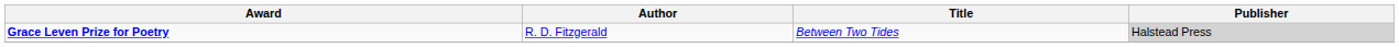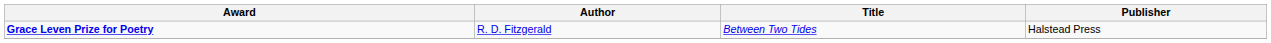 <table class="wikitable" width=95%>
 <tr>
 <th>Award</th>
 <th>Author</th>
 <th>Title</th>
 <th>Publisher</th>
 </tr>
 <tr>
 <td><strong><a href='#'>Grace Leven Prize for Poetry</a></strong></td>
 <td><a href='#'>R. D. Fitzgerald</a></td>
 <td><em><a href='#'>Between Two Tides</a></em></td>
-<td style="background: lightgrey;">Halstead Press</td>
+<td>Halstead Press</td>
 </tr>
 <tr>
 </tr>
 </table>
